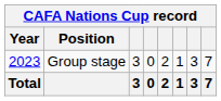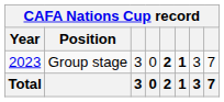 <table class="wikitable" style="text-align: center;">
 <tr>
 <th colspan=8><a href='#'>CAFA Nations Cup</a> record</th>
 </tr>
 <tr>
 <th>Year</th>
 <th>Position</th>
 <th></th>
 <th></th>
 <th></th>
 <th></th>
 <th></th>
 <th></th>
 </tr>
 <tr>
 <td>  <a href='#'>2023</a></td>
 <td>Group stage</td>
 <td>3</td>
 <td>0</td>
-<td>2</td>
-<td>1</td>
+<td><strong>2</strong></td>
+<td><strong>1</strong></td>
 <td>3</td>
 <td>7</td>
 </tr>
 <tr>
 <th>Total</th>
 <th></th>
 <th>3</th>
 <th>0</th>
 <th>2</th>
 <th>1</th>
 <th>3</th>
 <th>7</th>
 </tr>
 </table>
